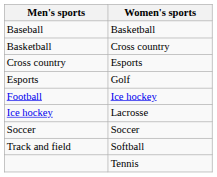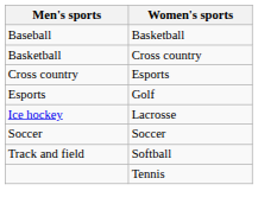 <table class="wikitable"; style= "text-align: ">
 <tr>
 <th width=150px>Men's sports</th>
 <th width=150px>Women's sports</th>
 </tr>
 <tr>
 <td>Baseball</td>
 <td>Basketball</td>
 </tr>
 <tr>
 <td>Basketball</td>
 <td>Cross country</td>
 </tr>
 <tr>
 <td>Cross country</td>
 <td>Esports</td>
 </tr>
 <tr>
 <td>Esports</td>
 <td>Golf</td>
 </tr>
 <tr>
-<td><a href='#'>Football</a></td>
-<td><a href='#'>Ice hockey</a></td>
-</tr>
-<tr>
 <td><a href='#'>Ice hockey</a></td>
 <td>Lacrosse</td>
 </tr>
 <tr>
 <td>Soccer</td>
 <td>Soccer</td>
 </tr>
 <tr>
 <td>Track and field</td>
 <td>Softball</td>
 </tr>
 <tr>
 <td></td>
 <td>Tennis</td>
 </tr>
 </table>
